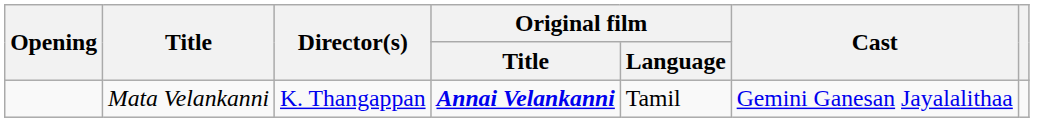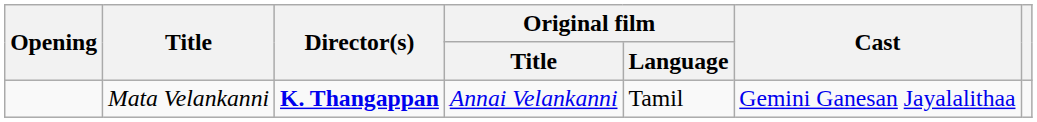 <table class="wikitable sortable">
 <tr>
 <th scope="col" rowspan="2">Opening</th>
 <th scope="col" rowspan="2">Title</th>
 <th scope="col" rowspan="2">Director(s)</th>
 <th scope="col" colspan="2">Original film</th>
 <th scope="col" rowspan="2">Cast</th>
 <th scope="col" rowspan="2" class="unsortable"></th>
 </tr>
 <tr>
 <th scope="col">Title</th>
 <th scope="col">Language</th>
 </tr>
 <tr>
 <td></td>
 <td><em>Mata Velankanni</em></td>
-<td><a href='#'>K. Thangappan</a></td>
-<td><strong><em><a href='#'>Annai Velankanni</a></em></strong></td>
+<td><strong><a href='#'>K. Thangappan</a></strong></td>
+<td><em><a href='#'>Annai Velankanni</a></em></td>
 <td>Tamil</td>
 <td><a href='#'>Gemini Ganesan</a> <a href='#'>Jayalalithaa</a></td>
 <td></td>
 </tr>
 </table>
